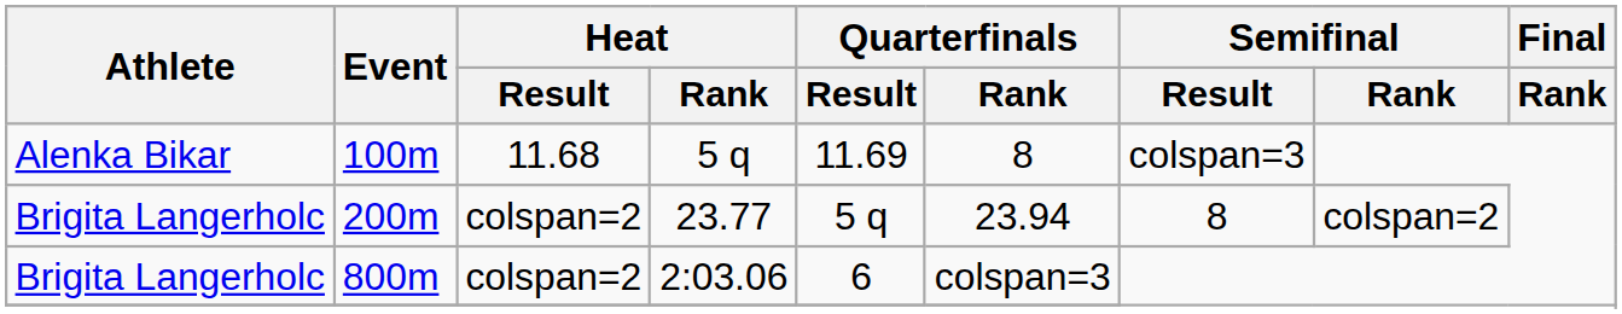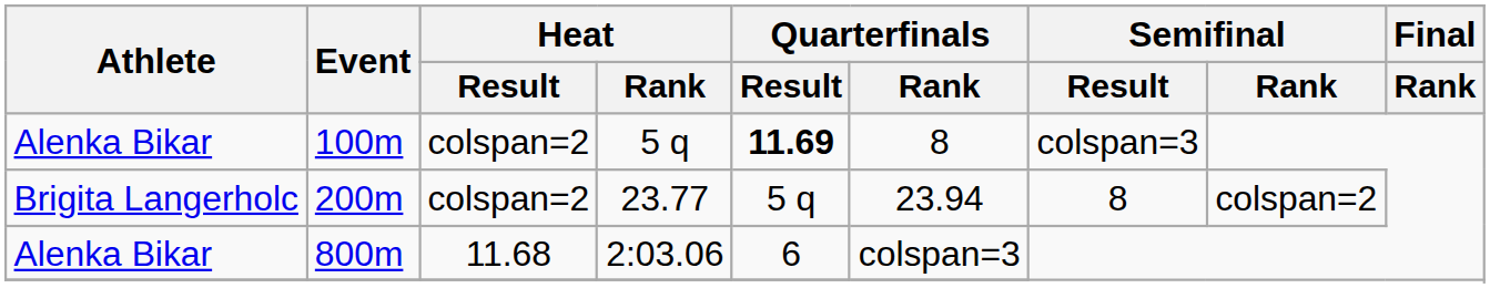 <table class="wikitable" style="font-size:90%">
 <tr>
 <th rowspan="2">Athlete</th>
 <th rowspan="2">Event</th>
 <th colspan="2">Heat</th>
 <th colspan="2">Quarterfinals</th>
 <th colspan="2">Semifinal</th>
 <th colspan="2">Final</th>
 </tr>
 <tr style="font-size:95%">
 <th>Result</th>
 <th>Rank</th>
 <th>Result</th>
 <th>Rank</th>
 <th>Result</th>
 <th>Rank</th>
 <th>Rank</th>
 </tr>
 <tr style=text-align:center>
 <td style=text-align:left><a href='#'>Alenka Bikar</a></td>
 <td style=text-align:left><a href='#'>100m</a></td>
-<td>11.68</td>
+<td>colspan=2 </td>
 <td>5 q</td>
-<td>11.69</td>
+<td><strong>11.69</strong></td>
 <td>8</td>
 <td>colspan=3 </td>
 </tr>
 <tr style=text-align:center>
 <td style=text-align:left><a href='#'>Brigita Langerholc</a></td>
 <td style=text-align:left><a href='#'>200m</a></td>
 <td>colspan=2 </td>
 <td>23.77</td>
 <td>5 q</td>
 <td>23.94</td>
 <td>8</td>
 <td>colspan=2 </td>
 </tr>
 <tr style=text-align:center>
-<td style=text-align:left><a href='#'>Brigita Langerholc</a></td>
+<td style=text-align:left><a href='#'>Alenka Bikar</a></td>
 <td style=text-align:left><a href='#'>800m</a></td>
-<td>colspan=2 </td>
+<td>11.68</td>
 <td>2:03.06</td>
 <td>6</td>
 <td>colspan=3 </td>
 </tr>
 <tr style=text-align:center>
 </tr>
 </table>
